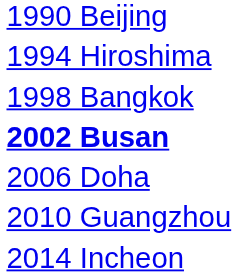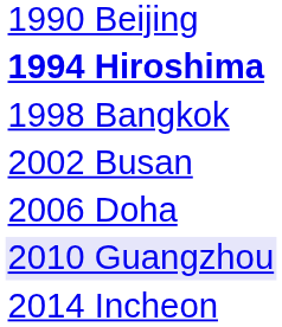 <table>
 <tr>
 <td><a href='#'>1990 Beijing</a></td>
 <td></td>
 <td></td>
 <td></td>
 </tr>
 <tr>
-<td><a href='#'>1994 Hiroshima</a></td>
+<td><strong><a href='#'>1994 Hiroshima</a></strong></td>
 <td></td>
 <td></td>
 <td></td>
 </tr>
 <tr>
 <td><a href='#'>1998 Bangkok</a></td>
 <td></td>
 <td></td>
 <td></td>
 </tr>
 <tr>
-<td><strong><a href='#'>2002 Busan</a></strong></td>
+<td><a href='#'>2002 Busan</a></td>
 <td></td>
 <td></td>
 <td></td>
 </tr>
 <tr>
 <td><a href='#'>2006 Doha</a></td>
 <td></td>
 <td></td>
 <td></td>
 </tr>
 <tr>
-<td><a href='#'>2010 Guangzhou</a></td>
+<td style="background: lavender;"><a href='#'>2010 Guangzhou</a></td>
 <td></td>
 <td></td>
 <td></td>
 </tr>
 <tr>
 <td><a href='#'>2014 Incheon</a></td>
 <td></td>
 <td></td>
 <td></td>
 </tr>
 </table>
